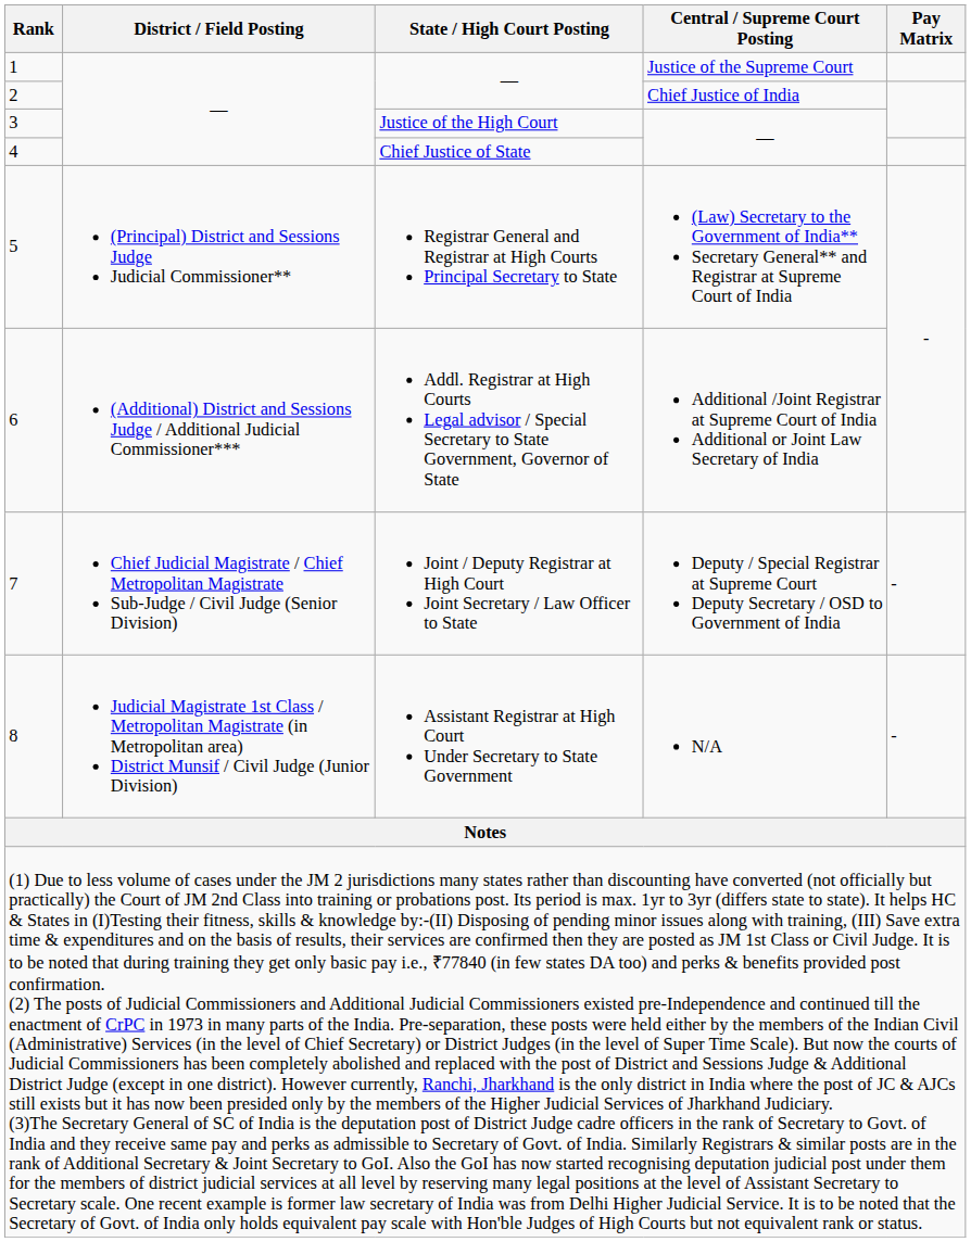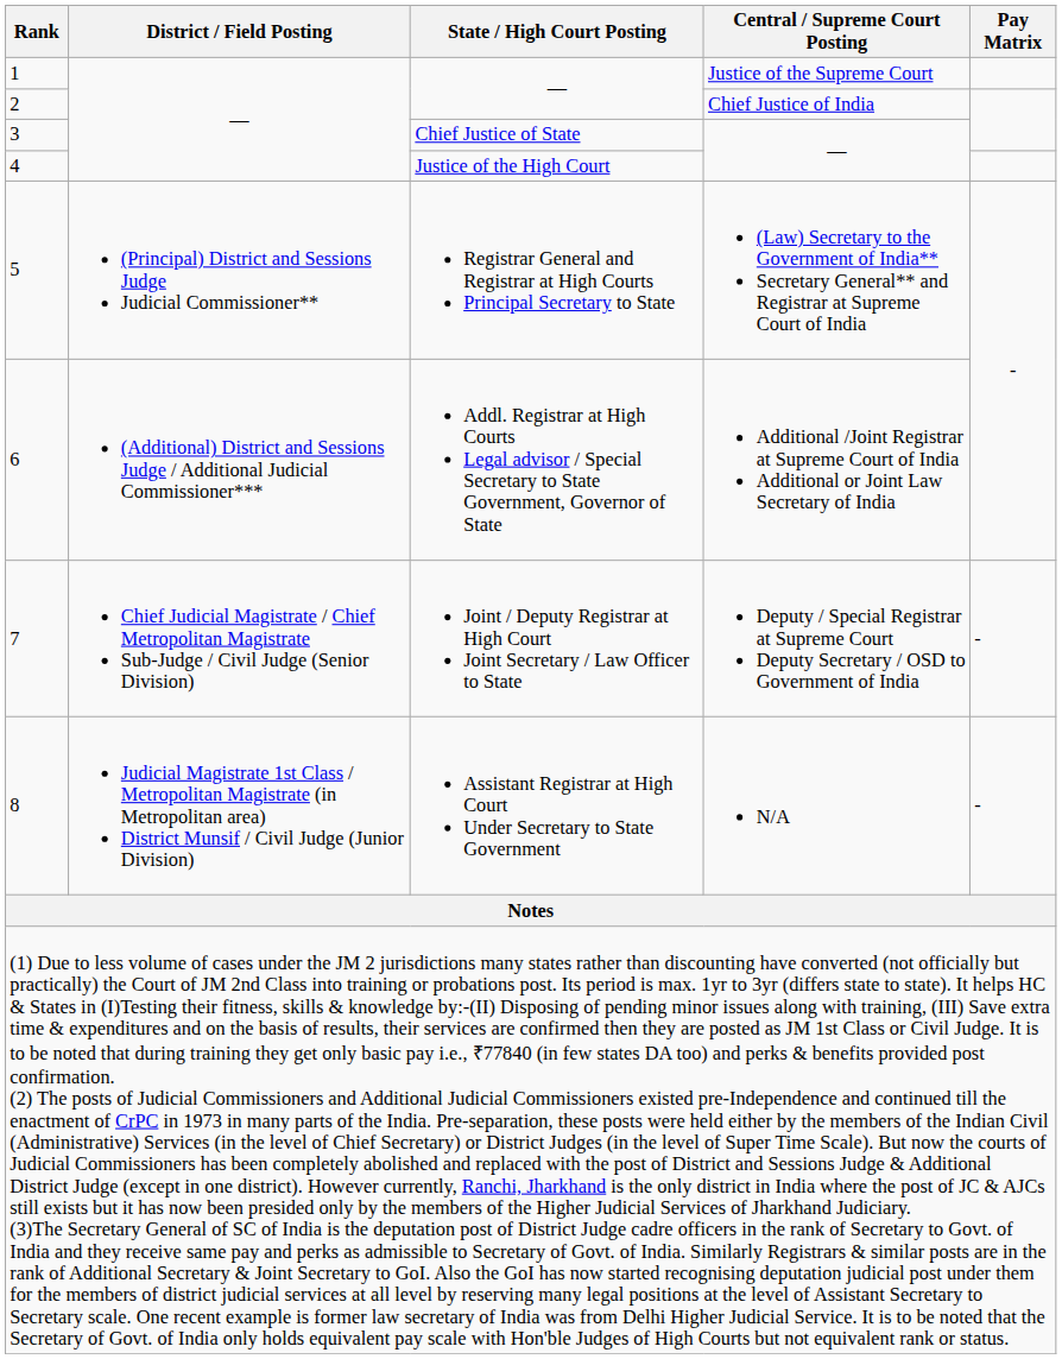 <table class="wikitable sortable mw-collapsible">
 <tr>
 <th>Rank</th>
 <th>District / Field Posting</th>
 <th>State / High Court Posting</th>
 <th>Central / Supreme Court Posting</th>
 <th>Pay Matrix</th>
 </tr>
 <tr>
 <td>1</td>
 <td rowspan="4" style="text-align: center;">—</td>
 <td rowspan="2" style="text-align: center;">—</td>
 <td><a href='#'>Justice of the Supreme Court</a></td>
 <td></td>
 </tr>
 <tr>
 <td>2</td>
 <td><a href='#'>Chief Justice of India</a></td>
 <td rowspan="2" style="text-align:"></td>
 </tr>
 <tr>
 <td>3</td>
-<td><a href='#'>Justice of the High Court</a></td>
+<td><a href='#'>Chief Justice of State</a></td>
 <td rowspan="2" style="text-align: center;">—</td>
 </tr>
 <tr>
 <td>4</td>
-<td><a href='#'>Chief Justice of State</a></td>
+<td><a href='#'>Justice of the High Court</a></td>
 <td></td>
 </tr>
 <tr>
 <td>5</td>
 <td><br><ul><li><a href='#'>(Principal) District and Sessions Judge</a></li><li>Judicial Commissioner**</li></ul></td>
 <td><br><ul><li>Registrar General and Registrar at High Courts</li><li><a href='#'>Principal Secretary</a> to State</li></ul></td>
 <td><br><ul><li><a href='#'>(Law) Secretary to the Government of India**</a></li><li>Secretary General** and Registrar at Supreme Court of India</li></ul></td>
 <td rowspan="2" style="text-align: center;"> -<br></td>
 </tr>
 <tr>
 <td>6</td>
 <td><br><ul><li><a href='#'>(Additional) District and Sessions Judge</a> / Additional Judicial Commissioner***</li></ul></td>
 <td><br><ul><li>Addl. Registrar at High Courts</li><li><a href='#'>Legal advisor</a> / Special Secretary to State Government, Governor of State</li></ul></td>
 <td><br><ul><li>Additional /Joint Registrar at Supreme Court of India</li><li>Additional or Joint Law Secretary of India</li></ul></td>
 </tr>
 <tr>
 <td>7</td>
 <td><br><ul><li><a href='#'>Chief Judicial Magistrate</a> / <a href='#'>Chief Metropolitan Magistrate</a></li><li>Sub-Judge / Civil Judge (Senior Division)</li></ul></td>
 <td><br><ul><li>Joint / Deputy Registrar at High Court</li><li>Joint Secretary / Law Officer to State</li></ul></td>
 <td><br><ul><li>Deputy / Special Registrar at Supreme Court</li><li>Deputy Secretary / OSD to Government of India</li></ul></td>
 <td> - </td>
 </tr>
 <tr>
 <td>8</td>
 <td><br><ul><li><a href='#'>Judicial Magistrate 1st Class</a> / <a href='#'>Metropolitan Magistrate</a> (in Metropolitan area)</li><li><a href='#'>District Munsif</a> / Civil Judge (Junior Division)</li></ul></td>
 <td><br><ul><li>Assistant Registrar at High Court</li><li>Under Secretary to State Government</li></ul></td>
 <td><br><ul><li>N/A</li></ul></td>
 <td> - </td>
 </tr>
 <tr>
 <th colspan="5">Notes</th>
 </tr>
 <tr>
 <td colspan="5"><br>(1) Due to less volume of cases under the JM 2 jurisdictions many states rather than discounting have converted (not officially but practically) the Court of JM 2nd Class into training or probations post. Its period is max. 1yr to 3yr (differs state to state). It helps HC & States in (I)Testing their fitness, skills & knowledge by:-(II) Disposing of pending minor issues along with training, (III) Save extra time & expenditures and on the basis of results, their services are confirmed then they are posted as JM 1st Class or Civil Judge. It is to be noted that during training they get only basic pay i.e., ₹77840 (in few states DA too) and perks & benefits provided post confirmation.<br>(2) The posts of Judicial Commissioners and Additional Judicial Commissioners existed pre-Independence and continued till the enactment of <a href='#'>CrPC</a> in 1973 in many parts of the India. Pre-separation, these posts were held either by the members of the Indian Civil (Administrative) Services (in the level of Chief Secretary) or District Judges (in the level of Super Time Scale). But now the courts of Judicial Commissioners has been completely abolished and replaced with the post of District and Sessions Judge & Additional District Judge (except in one district). However currently, <a href='#'>Ranchi, Jharkhand</a> is the only district in India where the post of JC & AJCs still exists but it has now been presided only by the members of the Higher Judicial Services of Jharkhand Judiciary. <br> (3)The Secretary General of SC of India is the deputation post of District Judge cadre officers in the rank of Secretary to Govt. of India and they receive same pay and perks as admissible to Secretary of Govt. of India. Similarly Registrars & similar posts are in the rank of Additional Secretary & Joint Secretary to GoI. Also the GoI has now started recognising deputation judicial post under them for the members of district judicial services at all level by reserving many legal positions at the level of Assistant Secretary to Secretary scale. One recent example is former law secretary of India was from Delhi Higher Judicial Service. It is to be noted that the Secretary of Govt. of India only holds equivalent pay scale with Hon'ble Judges of High Courts but not equivalent rank or status.<br></td>
 </tr>
 </table>
